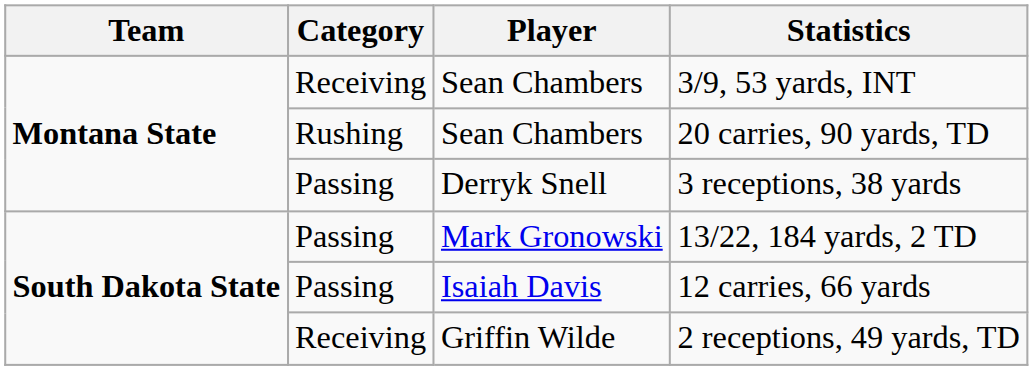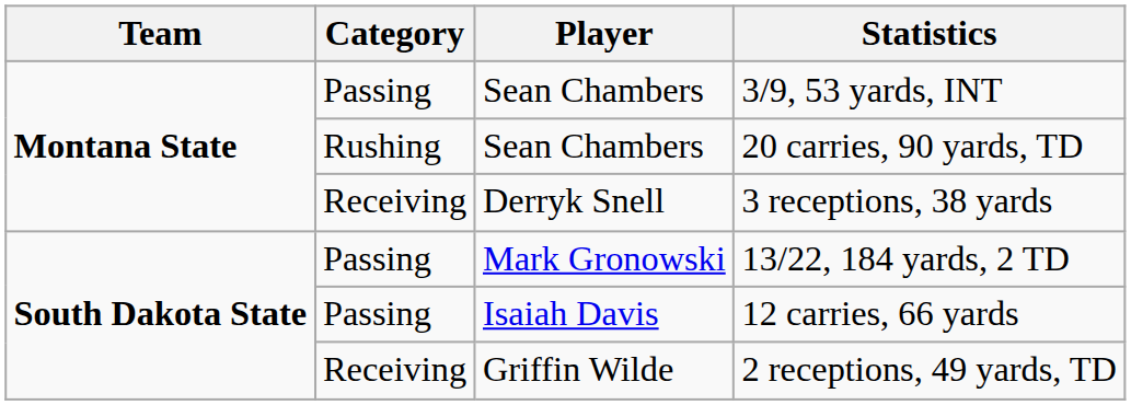 <table class="wikitable" style="float: right;">
 <tr>
 <th>Team</th>
 <th>Category</th>
 <th>Player</th>
 <th>Statistics</th>
 </tr>
 <tr>
 <td rowspan=3><strong>Montana State</strong></td>
-<td>Receiving</td>
+<td>Passing</td>
 <td>Sean Chambers</td>
 <td>3/9, 53 yards, INT</td>
 </tr>
 <tr>
 <td>Rushing</td>
 <td>Sean Chambers</td>
 <td>20 carries, 90 yards, TD</td>
 </tr>
 <tr>
-<td>Passing</td>
+<td>Receiving</td>
 <td>Derryk Snell</td>
 <td>3 receptions, 38 yards</td>
 </tr>
 <tr>
 <td rowspan=3><strong>South Dakota State</strong></td>
 <td>Passing</td>
 <td><a href='#'>Mark Gronowski</a></td>
 <td>13/22, 184 yards, 2 TD</td>
 </tr>
 <tr>
 <td>Passing</td>
 <td><a href='#'>Isaiah Davis</a></td>
 <td>12 carries, 66 yards</td>
 </tr>
 <tr>
 <td>Receiving</td>
 <td>Griffin Wilde</td>
 <td>2 receptions, 49 yards, TD</td>
 </tr>
 </table>
